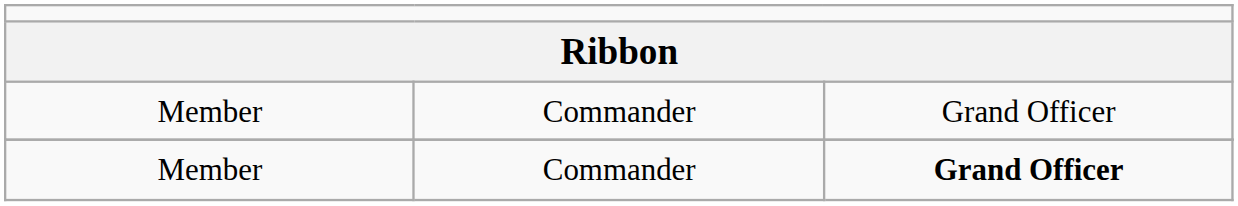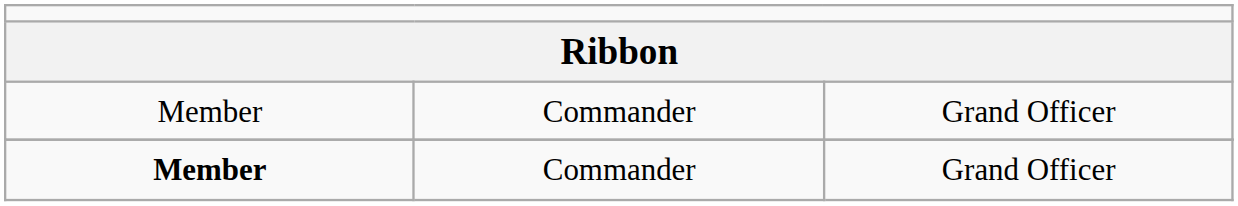 <table align=center class=wikitable width=60%>
 <tr>
 <td colspan="3" align="center"></td>
 </tr>
 <tr>
 <th colspan=3>Ribbon</th>
 </tr>
 <tr>
 <td width=20% valign=top align=center><small>Member</small></td>
 <td width=20% valign=top align=center><small>Commander</small></td>
 <td width=20% valign=top align=center><small>Grand Officer</small></td>
 </tr>
 <tr>
 </tr>
 <tr>
-<td width=20% valign=top align=center><small>Member</small></td>
+<td width=20% valign=top align=center><strong><small>Member</small></strong></td>
 <td width=20% valign=top align=center><small>Commander</small></td>
-<td width=20% valign=top align=center><strong><small>Grand Officer</small></strong></td>
+<td width=20% valign=top align=center><small>Grand Officer</small></td>
 </tr>
 </table>
